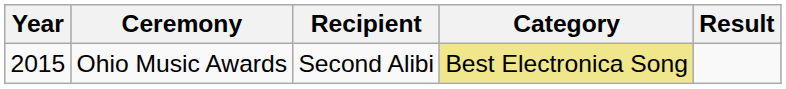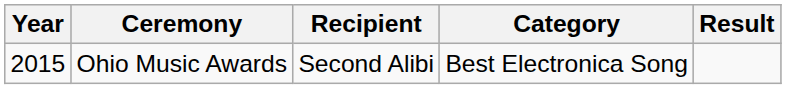 <table class="wikitable">
 <tr>
 <th>Year</th>
 <th>Ceremony</th>
 <th>Recipient</th>
 <th>Category</th>
 <th>Result</th>
 </tr>
 <tr>
 <td rowspan=2>2015</td>
 <td>Ohio Music Awards</td>
 <td>Second Alibi</td>
-<td style="background: khaki;">Best Electronica Song</td>
+<td>Best Electronica Song</td>
 <td></td>
 </tr>
 </table>
